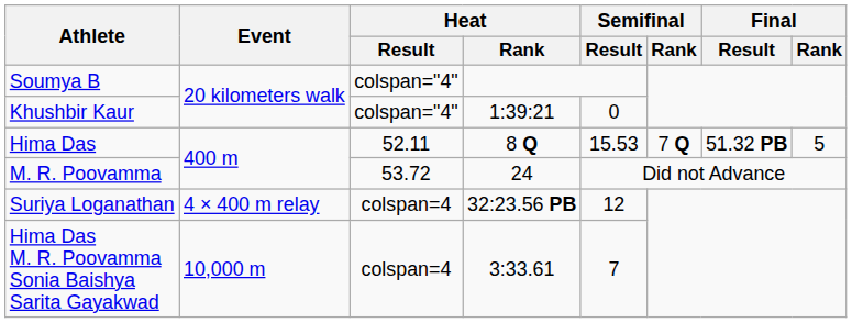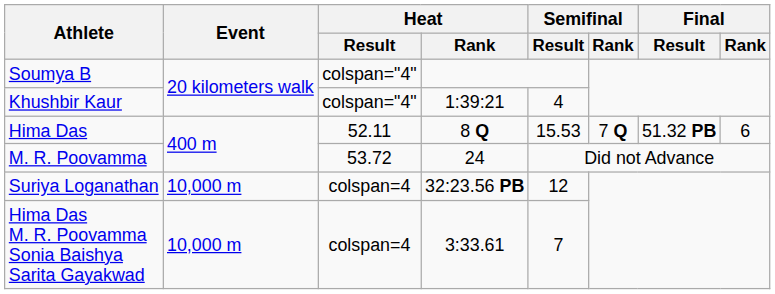 <table class=wikitable style=font-size:90%;text-align:center;>
 <tr>
 <th rowspan=2>Athlete</th>
 <th rowspan=2>Event</th>
 <th colspan=2>Heat</th>
 <th colspan=2>Semifinal</th>
 <th colspan=2>Final</th>
 </tr>
 <tr style=font-size:95%>
 <th>Result</th>
 <th>Rank</th>
 <th>Result</th>
 <th>Rank</th>
 <th>Result</th>
 <th>Rank</th>
 </tr>
 <tr>
 <td align=left><a href='#'>Soumya B</a></td>
 <td align=left rowspan="2"><a href='#'>20 kilometers walk</a></td>
 <td>colspan="4" </td>
 <td colspan="2"></td>
 </tr>
 <tr>
 <td align=left><a href='#'>Khushbir Kaur</a></td>
 <td>colspan="4" </td>
 <td>1:39:21</td>
-<td>0</td>
+<td>4</td>
 </tr>
 <tr>
 <td align=left><a href='#'>Hima Das</a></td>
 <td align=left rowspan="2"><a href='#'>400 m</a></td>
 <td>52.11</td>
 <td>8 <strong>Q</strong></td>
 <td>15.53</td>
 <td>7 <strong>Q</strong></td>
 <td>51.32 <strong>PB</strong></td>
-<td>5</td>
+<td>6</td>
 </tr>
 <tr>
 <td align=left><a href='#'>M. R. Poovamma</a></td>
 <td>53.72</td>
 <td>24</td>
 <td colspan="4">Did not Advance</td>
 </tr>
 <tr>
 <td align=left><a href='#'>Suriya Loganathan</a></td>
-<td align=left><a href='#'>4 × 400 m relay</a></td>
+<td align=left><a href='#'>10,000 m</a></td>
 <td>colspan=4 </td>
 <td>32:23.56 <strong>PB</strong></td>
 <td>12</td>
 </tr>
 <tr>
 <td align=left><a href='#'>Hima Das</a><br><a href='#'>M. R. Poovamma</a><br><a href='#'>Sonia Baishya</a><br><a href='#'>Sarita Gayakwad</a></td>
 <td align=left><a href='#'>10,000 m</a></td>
 <td>colspan=4 </td>
 <td>3:33.61</td>
 <td>7</td>
 </tr>
 </table>
